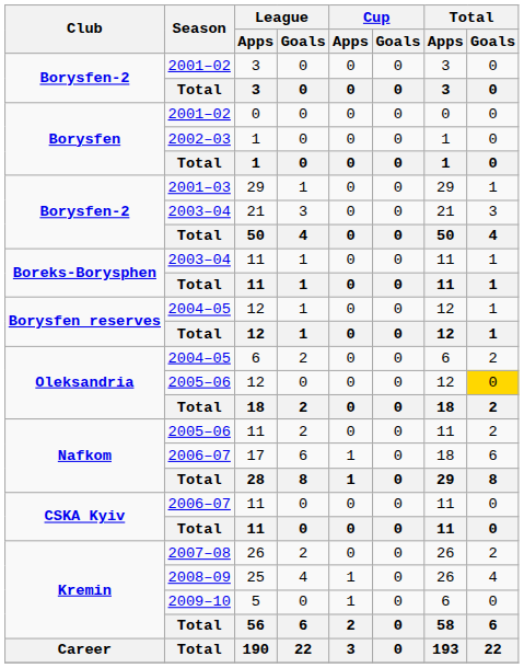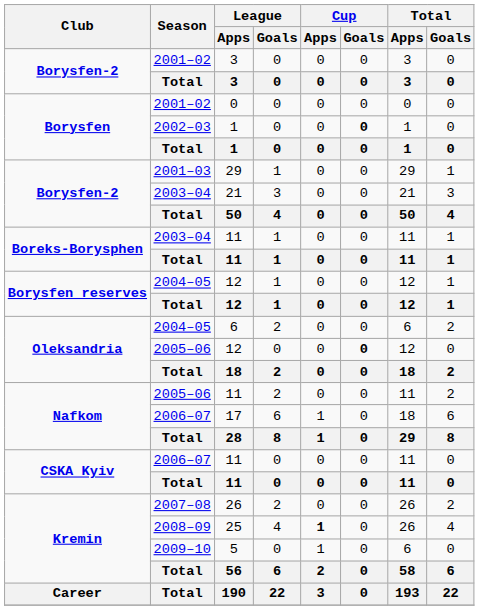 <table class="wikitable sortable" style="text-align: center;">
 <tr>
 <th rowspan="2">Club</th>
 <th rowspan="2">Season</th>
 <th colspan="2">League</th>
 <th colspan="2"><a href='#'>Cup</a></th>
 <th colspan="2">Total</th>
 </tr>
 <tr>
 <th>Apps</th>
 <th>Goals</th>
 <th>Apps</th>
 <th>Goals</th>
 <th>Apps</th>
 <th>Goals</th>
 </tr>
 <tr>
 <td rowspan="2"><strong><a href='#'>Borysfen-2</a></strong></td>
 <td><a href='#'>2001–02</a></td>
 <td>3</td>
 <td>0</td>
 <td>0</td>
 <td>0</td>
 <td>3</td>
 <td>0</td>
 </tr>
 <tr>
 <th>Total</th>
 <th>3</th>
 <th>0</th>
 <th>0</th>
 <th>0</th>
 <th>3</th>
 <th>0</th>
 </tr>
 <tr>
 <td rowspan="3"><strong><a href='#'>Borysfen</a></strong></td>
 <td><a href='#'>2001–02</a></td>
 <td>0</td>
 <td>0</td>
 <td>0</td>
 <td>0</td>
 <td>0</td>
 <td>0</td>
 </tr>
 <tr>
 <td><a href='#'>2002–03</a></td>
 <td>1</td>
 <td>0</td>
 <td>0</td>
-<td>0</td>
+<td><strong>0</strong></td>
 <td>1</td>
 <td>0</td>
 </tr>
 <tr>
 <th>Total</th>
 <th>1</th>
 <th>0</th>
 <th>0</th>
 <th>0</th>
 <th>1</th>
 <th>0</th>
 </tr>
 <tr>
 <td rowspan="3"><strong><a href='#'>Borysfen-2</a></strong></td>
 <td><a href='#'>2001–03</a></td>
 <td>29</td>
 <td>1</td>
 <td>0</td>
 <td>0</td>
 <td>29</td>
 <td>1</td>
 </tr>
 <tr>
 <td><a href='#'>2003–04</a></td>
 <td>21</td>
 <td>3</td>
 <td>0</td>
 <td>0</td>
 <td>21</td>
 <td>3</td>
 </tr>
 <tr>
 <th>Total</th>
 <th>50</th>
 <th>4</th>
 <th>0</th>
 <th>0</th>
 <th>50</th>
 <th>4</th>
 </tr>
 <tr>
 <td rowspan="2"><strong><a href='#'>Boreks-Borysphen</a></strong></td>
 <td><a href='#'>2003–04</a></td>
 <td>11</td>
 <td>1</td>
 <td>0</td>
 <td>0</td>
 <td>11</td>
 <td>1</td>
 </tr>
 <tr>
 <th>Total</th>
 <th>11</th>
 <th>1</th>
 <th>0</th>
 <th>0</th>
 <th>11</th>
 <th>1</th>
 </tr>
 <tr>
 <td rowspan="2"><strong><a href='#'>Borysfen reserves</a></strong></td>
 <td><a href='#'>2004–05</a></td>
 <td>12</td>
 <td>1</td>
 <td>0</td>
 <td>0</td>
 <td>12</td>
 <td>1</td>
 </tr>
 <tr>
 <th>Total</th>
 <th>12</th>
 <th>1</th>
 <th>0</th>
 <th>0</th>
 <th>12</th>
 <th>1</th>
 </tr>
 <tr>
 <td rowspan="3"><strong><a href='#'>Oleksandria</a></strong></td>
 <td><a href='#'>2004–05</a></td>
 <td>6</td>
 <td>2</td>
 <td>0</td>
 <td>0</td>
 <td>6</td>
 <td>2</td>
 </tr>
 <tr>
 <td><a href='#'>2005–06</a></td>
 <td>12</td>
 <td>0</td>
 <td>0</td>
+<td><strong>0</strong></td>
+<td>12</td>
 <td>0</td>
-<td>12</td>
-<td style="background: gold;">0</td>
 </tr>
 <tr>
 <th>Total</th>
 <th>18</th>
 <th>2</th>
 <th>0</th>
 <th>0</th>
 <th>18</th>
 <th>2</th>
 </tr>
 <tr>
 <td rowspan="3"><strong><a href='#'>Nafkom</a></strong></td>
 <td><a href='#'>2005–06</a></td>
 <td>11</td>
 <td>2</td>
 <td>0</td>
 <td>0</td>
 <td>11</td>
 <td>2</td>
 </tr>
 <tr>
 <td><a href='#'>2006–07</a></td>
 <td>17</td>
 <td>6</td>
 <td>1</td>
 <td>0</td>
 <td>18</td>
 <td>6</td>
 </tr>
 <tr>
 <th>Total</th>
 <th>28</th>
 <th>8</th>
 <th>1</th>
 <th>0</th>
 <th>29</th>
 <th>8</th>
 </tr>
 <tr>
 <td rowspan="2"><strong><a href='#'>CSKA Kyiv</a></strong></td>
 <td><a href='#'>2006–07</a></td>
 <td>11</td>
 <td>0</td>
 <td>0</td>
 <td>0</td>
 <td>11</td>
 <td>0</td>
 </tr>
 <tr>
 <th>Total</th>
 <th>11</th>
 <th>0</th>
 <th>0</th>
 <th>0</th>
 <th>11</th>
 <th>0</th>
 </tr>
 <tr>
 <td rowspan="4"><strong><a href='#'>Kremin</a></strong></td>
 <td><a href='#'>2007–08</a></td>
 <td>26</td>
 <td>2</td>
 <td>0</td>
 <td>0</td>
 <td>26</td>
 <td>2</td>
 </tr>
 <tr>
 <td><a href='#'>2008–09</a></td>
 <td>25</td>
 <td>4</td>
-<td>1</td>
+<td><strong>1</strong></td>
 <td>0</td>
 <td>26</td>
 <td>4</td>
 </tr>
 <tr>
 <td><a href='#'>2009–10</a></td>
 <td>5</td>
 <td>0</td>
 <td>1</td>
 <td>0</td>
 <td>6</td>
 <td>0</td>
 </tr>
 <tr>
 <th>Total</th>
 <th>56</th>
 <th>6</th>
 <th>2</th>
 <th>0</th>
 <th>58</th>
 <th>6</th>
 </tr>
 <tr>
 <th>Career</th>
 <th>Total</th>
 <th>190</th>
 <th>22</th>
 <th>3</th>
 <th>0</th>
 <th>193</th>
 <th>22</th>
 </tr>
 <tr>
 </tr>
 </table>
